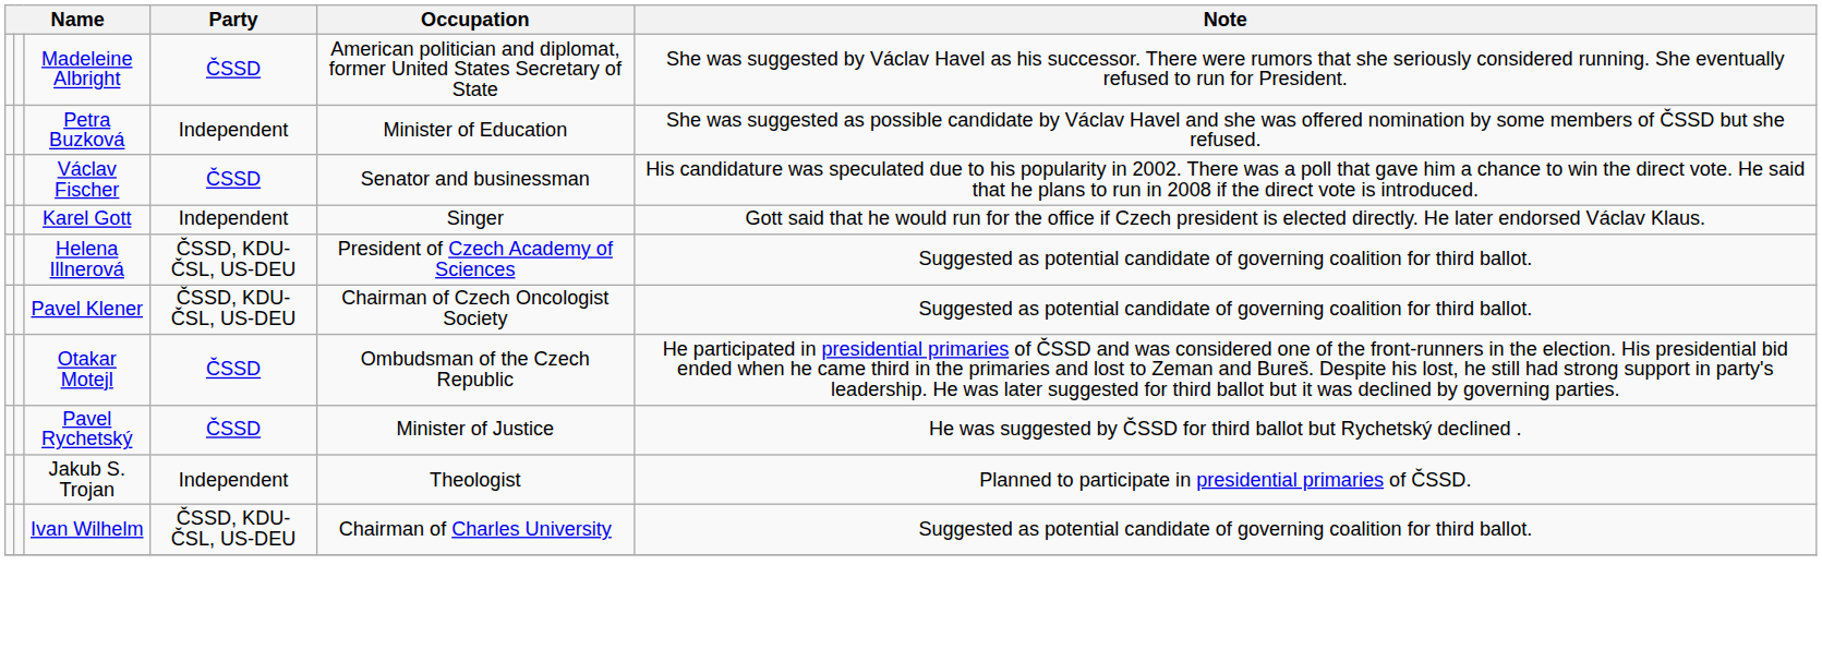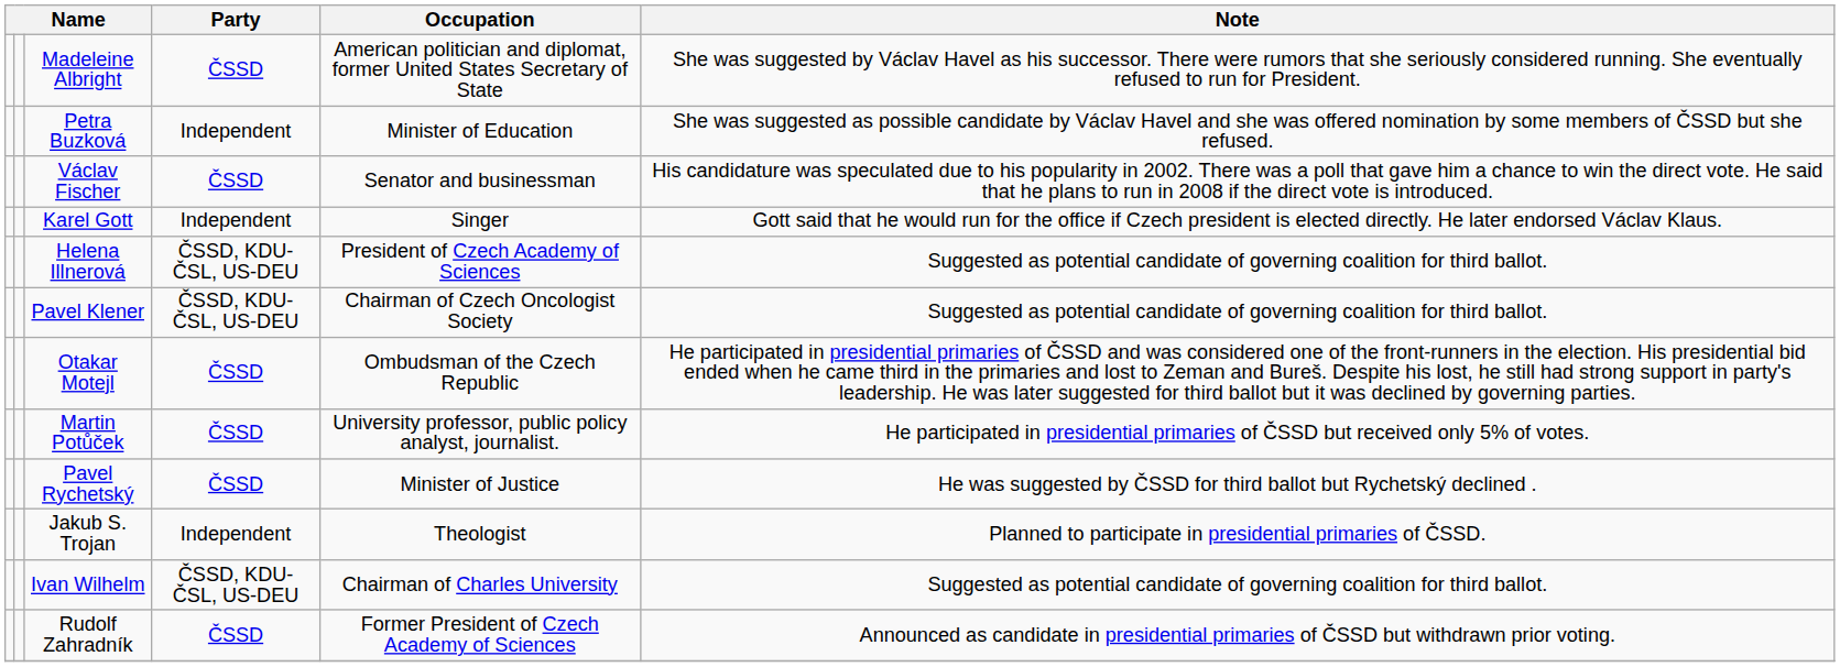 <table class="wikitable" style=text-align:center;font-size:85%;line-height:14px;">
 <tr>
 <th colspan=3>Name</th>
 <th>Party</th>
 <th>Occupation</th>
 <th>Note</th>
 </tr>
 <tr>
 <td style="background-color:"></td>
 <td></td>
 <td><a href='#'>Madeleine Albright</a></td>
 <td><a href='#'>ČSSD</a></td>
 <td>American politician and diplomat, former United States Secretary of State</td>
 <td>She was suggested by Václav Havel as his successor. There were rumors that she seriously considered running. She eventually refused to run for President.</td>
 </tr>
 <tr>
 <td style="background-color:"></td>
 <td></td>
 <td><a href='#'>Petra Buzková</a></td>
 <td>Independent</td>
 <td>Minister of Education</td>
 <td>She was suggested as possible candidate by Václav Havel and she was offered nomination by some members of ČSSD but she refused.</td>
 </tr>
 <tr>
 <td style="background-color:"></td>
 <td></td>
 <td><a href='#'>Václav Fischer</a></td>
 <td><a href='#'>ČSSD</a></td>
 <td>Senator and businessman</td>
 <td>His candidature was speculated due to his popularity in 2002. There was a poll that gave him a chance to win the direct vote. He said that he plans to run in 2008 if the direct vote is introduced.</td>
 </tr>
 <tr>
 <td style="background-color:"></td>
 <td></td>
 <td><a href='#'>Karel Gott</a></td>
 <td>Independent</td>
 <td>Singer</td>
 <td>Gott said that he would run for the office if Czech president is elected directly. He later endorsed Václav Klaus.</td>
 </tr>
 <tr>
 <td style="background-color:"></td>
 <td></td>
 <td><a href='#'>Helena Illnerová</a></td>
 <td>ČSSD, KDU-ČSL, US-DEU</td>
 <td>President of <a href='#'>Czech Academy of Sciences</a></td>
 <td>Suggested as potential candidate of governing coalition for third ballot.</td>
 </tr>
 <tr>
 <td style="background-color:"></td>
 <td></td>
 <td><a href='#'>Pavel Klener</a></td>
 <td>ČSSD, KDU-ČSL, US-DEU</td>
 <td>Chairman of Czech Oncologist Society</td>
 <td>Suggested as potential candidate of governing coalition for third ballot.</td>
 </tr>
 <tr>
 <td style="background-color:"></td>
 <td></td>
 <td><a href='#'>Otakar Motejl</a></td>
 <td><a href='#'>ČSSD</a></td>
 <td>Ombudsman of the Czech Republic</td>
 <td>He participated in <a href='#'>presidential primaries</a> of ČSSD and was considered one of the front-runners in the election. His presidential bid ended when he came third in the primaries and lost to Zeman and Bureš. Despite his lost, he still had strong support in party's leadership. He was later suggested for third ballot but it was declined by governing parties.</td>
 </tr>
 <tr>
 <td style="background-color:"></td>
 <td></td>
+<td><a href='#'>Martin Potůček</a></td>
+<td><a href='#'>ČSSD</a></td>
+<td>University professor, public policy analyst, journalist.</td>
+<td>He participated in <a href='#'>presidential primaries</a> of ČSSD but received only 5% of votes.</td>
+</tr>
+<tr>
+<td style="background-color:"></td>
+<td></td>
 <td><a href='#'>Pavel Rychetský</a></td>
 <td><a href='#'>ČSSD</a></td>
 <td>Minister of Justice</td>
 <td>He was suggested by ČSSD for third ballot but Rychetský declined .</td>
 </tr>
 <tr>
 <td style="background-color:"></td>
 <td></td>
 <td>Jakub S. Trojan</td>
 <td>Independent</td>
 <td>Theologist</td>
 <td>Planned to participate in <a href='#'>presidential primaries</a> of ČSSD.</td>
 </tr>
 <tr>
 <td style="background-color:"></td>
 <td></td>
 <td><a href='#'>Ivan Wilhelm</a></td>
 <td>ČSSD, KDU-ČSL, US-DEU</td>
 <td>Chairman of <a href='#'>Charles University</a></td>
 <td>Suggested as potential candidate of governing coalition for third ballot.</td>
 </tr>
 <tr>
+<td style="background-color:"></td>
+<td></td>
+<td>Rudolf Zahradník</td>
+<td><a href='#'>ČSSD</a></td>
+<td>Former President of <a href='#'>Czech Academy of Sciences</a></td>
+<td>Announced as candidate in <a href='#'>presidential primaries</a> of ČSSD but withdrawn prior voting.</td>
+</tr>
+<tr>
 </tr>
 </table>
